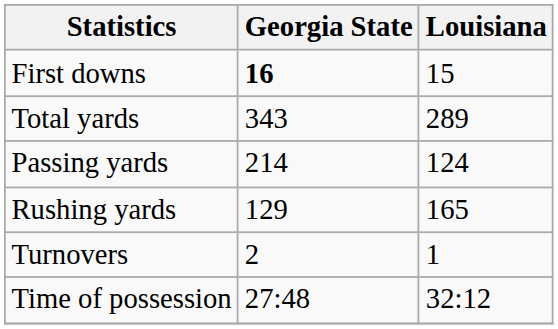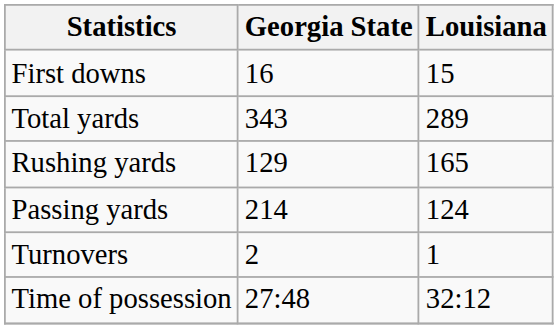 <table class="wikitable">
 <tr>
 <th>Statistics</th>
 <th>Georgia State</th>
 <th>Louisiana</th>
 </tr>
 <tr>
 <td>First downs</td>
-<td><strong>16</strong></td>
+<td>16</td>
 <td>15</td>
 </tr>
 <tr>
 <td>Total yards</td>
 <td>343</td>
 <td>289</td>
 </tr>
 <tr>
+<td>Rushing yards</td>
+<td>129</td>
+<td>165</td>
+</tr>
+<tr>
 <td>Passing yards</td>
 <td>214</td>
 <td>124</td>
-</tr>
-<tr>
-<td>Rushing yards</td>
-<td>129</td>
-<td>165</td>
 </tr>
 <tr>
 <td>Turnovers</td>
 <td>2</td>
 <td>1</td>
 </tr>
 <tr>
 <td>Time of possession</td>
 <td>27:48</td>
 <td>32:12</td>
 </tr>
 <tr>
 </tr>
 </table>
